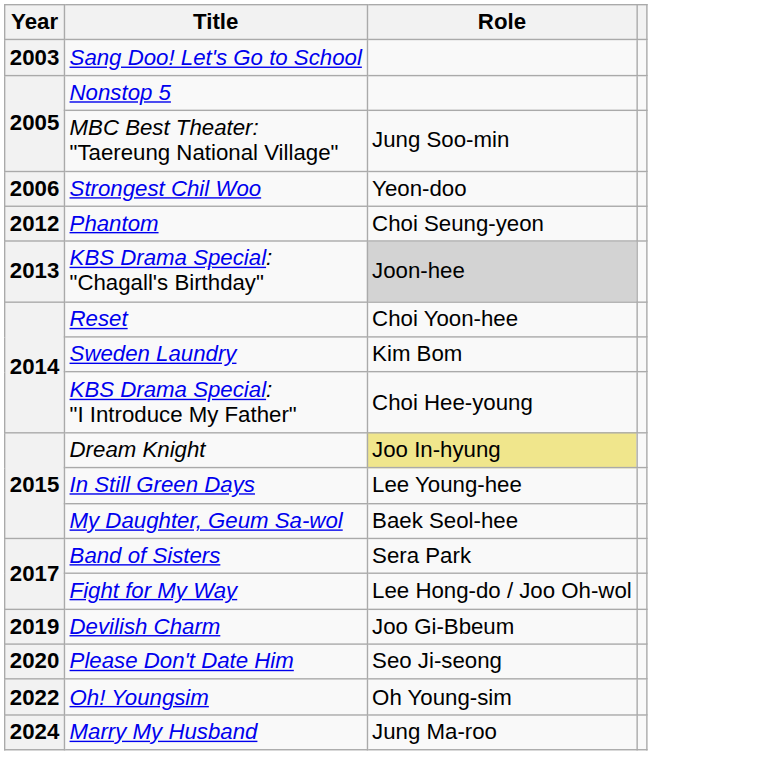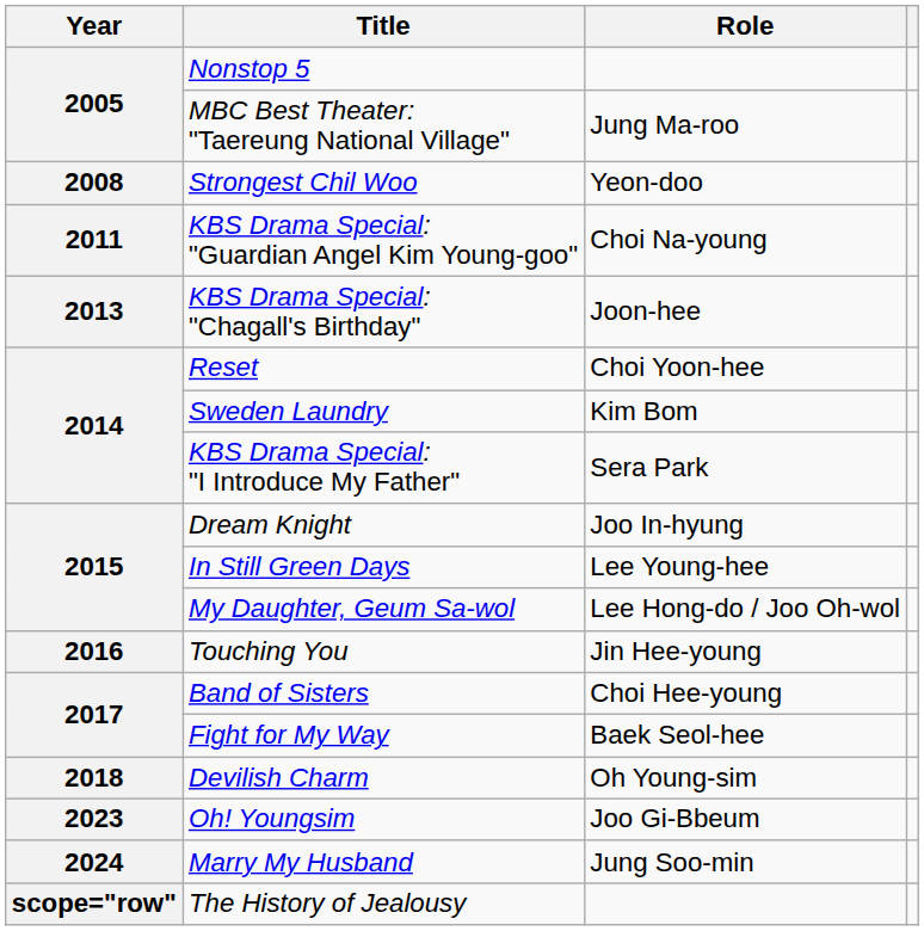 <table class="wikitable plainrowheaders sortable">
 <tr>
 <th scope="col">Year</th>
 <th scope="col">Title</th>
 <th scope="col">Role</th>
 <th scope="col" class="unsortable"></th>
-</tr>
-<tr>
-<th scope="row">2003</th>
-<td><em><a href='#'>Sang Doo! Let's Go to School</a></em></td>
-<td></td>
-<td style="text-align:center"></td>
 </tr>
 <tr>
 <th scope="row" rowspan="2">2005</th>
 <td><em><a href='#'>Nonstop 5</a></em></td>
 <td></td>
 <td style="text-align:center"></td>
 </tr>
 <tr>
 <td><em>MBC Best Theater:</em><br>"Taereung National Village"</td>
-<td>Jung Soo-min</td>
+<td>Jung Ma-roo</td>
 <td style="text-align:center"></td>
 </tr>
 <tr>
-<th scope="row">2006</th>
+<th scope="row">2008</th>
 <td><em><a href='#'>Strongest Chil Woo</a></em></td>
 <td>Yeon-doo</td>
 <td style="text-align:center"></td>
 </tr>
 <tr>
-<th scope="row">2012</th>
-<td><em><a href='#'>Phantom</a></em></td>
-<td>Choi Seung-yeon</td>
+<th scope="row">2011</th>
+<td><em><a href='#'>KBS Drama Special</a>:</em><br>"Guardian Angel Kim Young-goo"</td>
+<td>Choi Na-young</td>
 <td style="text-align:center"></td>
 </tr>
 <tr>
 <th scope="row">2013</th>
 <td><em><a href='#'>KBS Drama Special</a>:</em><br>"Chagall's Birthday"</td>
-<td style="background: lightgrey;">Joon-hee</td>
+<td>Joon-hee</td>
 <td style="text-align:center"></td>
 </tr>
 <tr>
 <th scope="row" rowspan="3">2014</th>
 <td><em><a href='#'>Reset</a></em></td>
 <td>Choi Yoon-hee</td>
 <td style="text-align:center"></td>
 </tr>
 <tr>
 <td><em><a href='#'>Sweden Laundry</a></em></td>
 <td>Kim Bom</td>
 <td style="text-align:center"></td>
 </tr>
 <tr>
 <td><em><a href='#'>KBS Drama Special</a>:</em><br>"I Introduce My Father"</td>
-<td>Choi Hee-young</td>
+<td>Sera Park</td>
 <td style="text-align:center"></td>
 </tr>
 <tr>
 <th scope="row" rowspan="3">2015</th>
 <td><em>Dream Knight</em></td>
-<td style="background: khaki;">Joo In-hyung</td>
+<td>Joo In-hyung</td>
 <td style="text-align:center"></td>
 </tr>
 <tr>
 <td><em><a href='#'>In Still Green Days</a></em></td>
 <td>Lee Young-hee</td>
 <td style="text-align:center"></td>
 </tr>
 <tr>
 <td><em><a href='#'>My Daughter, Geum Sa-wol</a></em></td>
-<td>Baek Seol-hee</td>
+<td>Lee Hong-do / Joo Oh-wol</td>
+<td style="text-align:center"></td>
+</tr>
+<tr>
+<th scope="row">2016</th>
+<td><em>Touching You</em></td>
+<td>Jin Hee-young</td>
 <td style="text-align:center"></td>
 </tr>
 <tr>
 <th scope="row" rowspan="2">2017</th>
 <td><em><a href='#'>Band of Sisters</a></em></td>
-<td>Sera Park</td>
+<td>Choi Hee-young</td>
 <td style="text-align:center"></td>
 </tr>
 <tr>
 <td><em><a href='#'>Fight for My Way</a></em></td>
-<td>Lee Hong-do / Joo Oh-wol</td>
+<td>Baek Seol-hee</td>
 <td style="text-align:center"></td>
 </tr>
 <tr>
-<th scope="row">2019</th>
+<th scope="row">2018</th>
 <td><em><a href='#'>Devilish Charm</a></em></td>
-<td>Joo Gi-Bbeum</td>
+<td>Oh Young-sim</td>
 <td style="text-align:center"></td>
 </tr>
 <tr>
-<th scope="row">2020</th>
-<td><em><a href='#'>Please Don't Date Him</a></em></td>
-<td>Seo Ji-seong</td>
-<td style="text-align:center"></td>
-</tr>
-<tr>
-<th scope="row">2022</th>
+<th scope="row">2023</th>
 <td><em><a href='#'>Oh! Youngsim</a></em></td>
-<td>Oh Young-sim</td>
+<td>Joo Gi-Bbeum</td>
 <td style="text-align:center"></td>
 </tr>
 <tr>
 <th scope="row">2024</th>
 <td><em><a href='#'>Marry My Husband</a></em></td>
-<td>Jung Ma-roo</td>
+<td>Jung Soo-min</td>
+<td style="text-align:center"></td>
+</tr>
+<tr>
+<th>scope="row" </th>
+<td><em>The History of Jealousy</em></td>
+<td></td>
 <td style="text-align:center"></td>
 </tr>
 </table>
